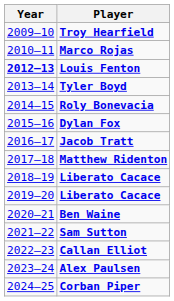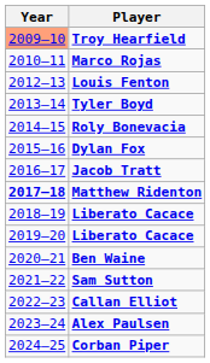 <table class="wikitable" border="1">
 <tr>
 <th>Year</th>
 <th>Player</th>
 </tr>
 <tr>
-<td><a href='#'>2009–10</a></td>
+<td style="background: lightsalmon;"><a href='#'>2009–10</a></td>
 <td style="text-align:left;"> <strong><a href='#'>Troy Hearfield</a></strong></td>
 </tr>
 <tr>
 <td><a href='#'>2010–11</a></td>
 <td style="text-align:left;"> <strong><a href='#'>Marco Rojas</a></strong></td>
 </tr>
 <tr>
-<td><strong><a href='#'>2012–13</a></strong></td>
+<td><a href='#'>2012–13</a></td>
 <td style="text-align:left;"> <strong><a href='#'>Louis Fenton</a></strong></td>
 </tr>
 <tr>
 <td><a href='#'>2013–14</a></td>
 <td style="text-align:left;"> <strong><a href='#'>Tyler Boyd</a></strong></td>
 </tr>
 <tr>
 <td><a href='#'>2014–15</a></td>
 <td style="text-align:left;"> <strong><a href='#'>Roly Bonevacia</a></strong></td>
 </tr>
 <tr>
 <td><a href='#'>2015–16</a></td>
 <td style="text-align:left;"> <strong><a href='#'>Dylan Fox</a></strong></td>
 </tr>
 <tr>
 <td><a href='#'>2016–17</a></td>
 <td style="text-align:left;"> <strong><a href='#'>Jacob Tratt</a></strong></td>
 </tr>
 <tr>
-<td><a href='#'>2017–18</a></td>
+<td><strong><a href='#'>2017–18</a></strong></td>
 <td style="text-align:left;"> <strong><a href='#'>Matthew Ridenton</a></strong></td>
 </tr>
 <tr>
 <td><a href='#'>2018–19</a></td>
 <td style="text-align:left;"> <strong><a href='#'>Liberato Cacace</a></strong></td>
 </tr>
 <tr>
 <td><a href='#'>2019–20</a></td>
 <td style="text-align:left;"> <strong><a href='#'>Liberato Cacace</a></strong></td>
 </tr>
 <tr>
 <td><a href='#'>2020–21</a></td>
 <td style="text-align:left;"> <strong><a href='#'>Ben Waine</a></strong></td>
 </tr>
 <tr>
 <td><a href='#'>2021–22</a></td>
 <td style="text-align:left;"> <strong><a href='#'>Sam Sutton</a></strong></td>
 </tr>
 <tr>
 <td><a href='#'>2022–23</a></td>
 <td style="text-align:left;"> <strong><a href='#'>Callan Elliot</a></strong></td>
 </tr>
 <tr>
 <td><a href='#'>2023–24</a></td>
 <td> <strong><a href='#'>Alex Paulsen</a></strong></td>
 </tr>
 <tr>
 <td><a href='#'>2024–25</a></td>
 <td> <strong><a href='#'>Corban Piper</a></strong></td>
 </tr>
 </table>
